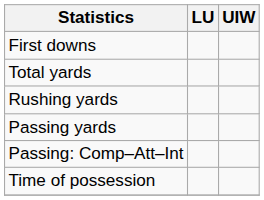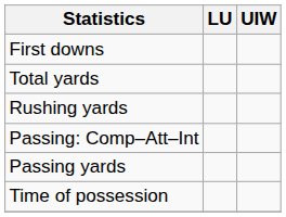 <table class="wikitable" style="float: left;">
 <tr>
 <th>Statistics</th>
 <th>LU</th>
 <th>UIW</th>
 </tr>
 <tr>
 <td>First downs</td>
 <td></td>
 <td></td>
 </tr>
 <tr>
 <td>Total yards</td>
 <td></td>
 <td></td>
 </tr>
 <tr>
 <td>Rushing yards</td>
 <td></td>
 <td></td>
 </tr>
 <tr>
-<td>Passing yards</td>
+<td>Passing: Comp–Att–Int</td>
 <td></td>
 <td></td>
 </tr>
 <tr>
-<td>Passing: Comp–Att–Int</td>
+<td>Passing yards</td>
 <td></td>
 <td></td>
 </tr>
 <tr>
 <td>Time of possession</td>
 <td></td>
 <td></td>
 </tr>
 <tr>
 </tr>
 </table>
